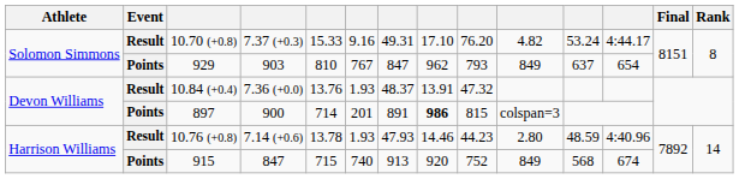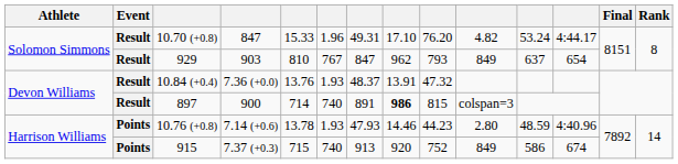 <table class=wikitable style=font-size:90%>
 <tr>
 <th>Athlete</th>
 <th>Event</th>
 <th></th>
 <th></th>
 <th></th>
 <th></th>
 <th></th>
 <th></th>
 <th></th>
 <th></th>
 <th></th>
 <th></th>
 <th>Final</th>
 <th>Rank</th>
 </tr>
 <tr align=center>
 <td rowspan=2 style=text-align:left><a href='#'>Solomon Simmons</a></td>
 <th style=font-size:95%>Result</th>
 <td>10.70 <small>(+0.8)</small></td>
-<td>7.37 <small>(+0.3)</small></td>
+<td>847</td>
 <td>15.33</td>
-<td>9.16</td>
+<td>1.96</td>
 <td>49.31</td>
 <td>17.10</td>
 <td>76.20</td>
 <td>4.82</td>
 <td>53.24</td>
 <td>4:44.17</td>
 <td rowspan=2>8151</td>
 <td rowspan=2>8</td>
 </tr>
 <tr align=center>
-<th style=font-size:95%>Points</th>
+<th style=font-size:95%>Result</th>
 <td>929</td>
 <td>903</td>
 <td>810</td>
 <td>767</td>
 <td>847</td>
 <td>962</td>
 <td>793</td>
 <td>849</td>
 <td>637</td>
 <td>654</td>
 </tr>
 <tr align=center>
 <td rowspan=2 style=text-align:left><a href='#'>Devon Williams</a></td>
 <th style=font-size:95%>Result</th>
 <td>10.84 <small>(+0.4)</small></td>
 <td>7.36 <small>(+0.0)</small></td>
 <td>13.76</td>
 <td>1.93</td>
 <td>48.37</td>
 <td>13.91</td>
 <td>47.32</td>
 <td></td>
 <td></td>
 <td></td>
 <td rowspan=2 colspan=2></td>
 </tr>
 <tr align=center>
-<th style=font-size:95%>Points</th>
+<th style=font-size:95%>Result</th>
 <td>897</td>
 <td>900</td>
 <td>714</td>
-<td>201</td>
+<td>740</td>
 <td>891</td>
 <td><strong>986</strong></td>
 <td>815</td>
 <td>colspan=3 </td>
 </tr>
 <tr align=center>
 <td rowspan=2 style=text-align:left><a href='#'>Harrison Williams</a></td>
-<th style=font-size:95%>Result</th>
+<th style=font-size:95%>Points</th>
 <td>10.76 <small>(+0.8)</small></td>
 <td>7.14 <small>(+0.6)</small></td>
 <td>13.78</td>
 <td>1.93</td>
 <td>47.93</td>
 <td>14.46</td>
 <td>44.23</td>
 <td>2.80</td>
 <td>48.59</td>
 <td>4:40.96</td>
 <td rowspan=2>7892</td>
 <td rowspan=2>14</td>
 </tr>
 <tr align=center>
 <th style=font-size:95%>Points</th>
 <td>915</td>
-<td>847</td>
+<td>7.37 <small>(+0.3)</small></td>
 <td>715</td>
 <td>740</td>
 <td>913</td>
 <td>920</td>
 <td>752</td>
 <td>849</td>
-<td>568</td>
+<td>586</td>
 <td>674</td>
 </tr>
 </table>
